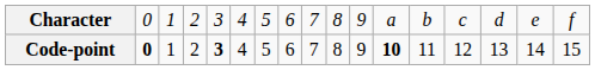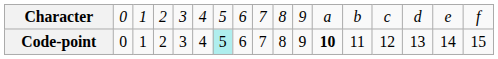 <table class="wikitable" style="width:500px;">
 <tr align=center>
 <th>Character</th>
 <td><em>0</em></td>
 <td><em>1</em></td>
 <td><em>2</em></td>
 <td><em>3</em></td>
 <td><em>4</em></td>
 <td><em>5</em></td>
 <td><em>6</em></td>
 <td><em>7</em></td>
 <td><em>8</em></td>
 <td><em>9</em></td>
 <td><em>a</em></td>
 <td><em>b</em></td>
 <td><em>c</em></td>
 <td><em>d</em></td>
 <td><em>e</em></td>
 <td><em>f</em></td>
 </tr>
 <tr align=center>
 <th>Code-point</th>
-<td><strong>0</strong></td>
+<td>0</td>
 <td>1</td>
 <td>2</td>
-<td><strong>3</strong></td>
+<td>3</td>
 <td>4</td>
-<td>5</td>
+<td style="background: paleturquoise;">5</td>
 <td>6</td>
 <td>7</td>
 <td>8</td>
 <td>9</td>
 <td><strong>10</strong></td>
 <td>11</td>
 <td>12</td>
 <td>13</td>
 <td>14</td>
 <td>15</td>
 </tr>
 </table>
